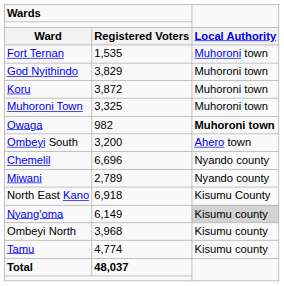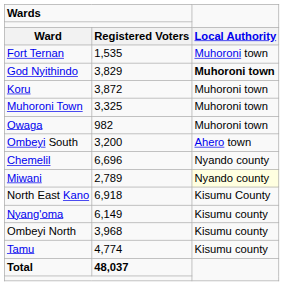 <table class="wikitable">
 <tr>
 <td colspan="2"><strong>Wards</strong></td>
 </tr>
 <tr>
 <td colspan="2"></td>
 </tr>
 <tr>
 <th>Ward</th>
 <th>Registered Voters</th>
 <th><a href='#'>Local Authority</a></th>
 </tr>
 <tr>
 <td><a href='#'>Fort Ternan</a></td>
 <td>1,535</td>
 <td><a href='#'>Muhoroni</a> town</td>
 </tr>
 <tr>
 <td><a href='#'>God Nyithindo</a></td>
 <td>3,829</td>
-<td>Muhoroni town</td>
+<td><strong>Muhoroni town</strong></td>
 </tr>
 <tr>
 <td><a href='#'>Koru</a></td>
 <td>3,872</td>
 <td>Muhoroni town</td>
 </tr>
 <tr>
 <td><a href='#'>Muhoroni Town</a></td>
 <td>3,325</td>
 <td>Muhoroni town</td>
 </tr>
 <tr>
 <td><a href='#'>Owaga</a></td>
 <td>982</td>
-<td><strong>Muhoroni town</strong></td>
+<td>Muhoroni town</td>
 </tr>
 <tr>
 <td><a href='#'>Ombeyi</a> South</td>
 <td>3,200</td>
 <td><a href='#'>Ahero</a> town</td>
 </tr>
 <tr>
 <td><a href='#'>Chemelil</a></td>
 <td>6,696</td>
 <td>Nyando county</td>
 </tr>
 <tr>
 <td><a href='#'>Miwani</a></td>
 <td>2,789</td>
-<td>Nyando county</td>
+<td style="background: lightyellow;">Nyando county</td>
 </tr>
 <tr>
 <td>North East <a href='#'>Kano</a></td>
 <td>6,918</td>
 <td>Kisumu County</td>
 </tr>
 <tr>
 <td><a href='#'>Nyang'oma</a></td>
 <td>6,149</td>
-<td style="background: lightgrey;">Kisumu county</td>
+<td>Kisumu county</td>
 </tr>
 <tr>
 <td>Ombeyi North</td>
 <td>3,968</td>
 <td>Kisumu  county</td>
 </tr>
 <tr>
 <td><a href='#'>Tamu</a></td>
 <td>4,774</td>
 <td>Kisumu county</td>
 </tr>
 <tr>
 <td><strong>Total</strong></td>
 <td><strong>48,037</strong></td>
 </tr>
 <tr>
 <td colspan="2"></td>
 </tr>
 </table>
